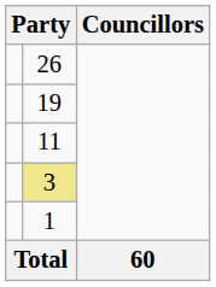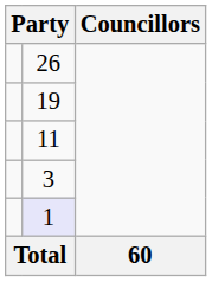 <table class="wikitable">
 <tr>
 <th colspan=2>Party</th>
 <th>Councillors</th>
 </tr>
 <tr>
 <td></td>
 <td align=center>26</td>
 </tr>
 <tr>
 <td></td>
 <td align=center>19</td>
 </tr>
 <tr>
 <td></td>
 <td align=center>11</td>
 </tr>
 <tr>
 <td></td>
-<td align=center style="background: khaki;">3</td>
+<td align=center>3</td>
 </tr>
 <tr>
 <td></td>
-<td align=center>1</td>
+<td align=center style="background: lavender;">1</td>
 </tr>
 <tr>
 <th colspan=2>Total</th>
 <th align=center>60</th>
 </tr>
 </table>
